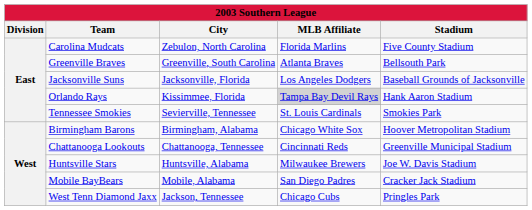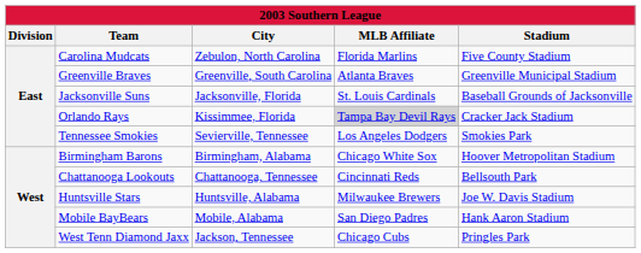 <table class="wikitable" style="width:auto">
 <tr>
 <td bgcolor="#DC143C" align="center" colspan="7"><strong><span>2003 Southern League</span></strong></td>
 </tr>
 <tr>
 <th>Division</th>
 <th>Team</th>
 <th>City</th>
 <th>MLB Affiliate</th>
 <th>Stadium</th>
 </tr>
 <tr>
 <th rowspan="5">East</th>
 <td><a href='#'>Carolina Mudcats</a></td>
 <td><a href='#'>Zebulon, North Carolina</a></td>
 <td><a href='#'>Florida Marlins</a></td>
 <td><a href='#'>Five County Stadium</a></td>
 </tr>
 <tr>
 <td><a href='#'>Greenville Braves</a></td>
 <td><a href='#'>Greenville, South Carolina</a></td>
 <td><a href='#'>Atlanta Braves</a></td>
-<td><a href='#'>Bellsouth Park</a></td>
+<td><a href='#'>Greenville Municipal Stadium</a></td>
 </tr>
 <tr>
 <td><a href='#'>Jacksonville Suns</a></td>
 <td><a href='#'>Jacksonville, Florida</a></td>
-<td><a href='#'>Los Angeles Dodgers</a></td>
+<td><a href='#'>St. Louis Cardinals</a></td>
 <td><a href='#'>Baseball Grounds of Jacksonville</a></td>
 </tr>
 <tr>
 <td><a href='#'>Orlando Rays</a></td>
 <td><a href='#'>Kissimmee, Florida</a></td>
 <td style="background: lightgrey;"><a href='#'>Tampa Bay Devil Rays</a></td>
-<td><a href='#'>Hank Aaron Stadium</a></td>
+<td><a href='#'>Cracker Jack Stadium</a></td>
 </tr>
 <tr>
 <td><a href='#'>Tennessee Smokies</a></td>
 <td><a href='#'>Sevierville, Tennessee</a></td>
-<td><a href='#'>St. Louis Cardinals</a></td>
+<td><a href='#'>Los Angeles Dodgers</a></td>
 <td><a href='#'>Smokies Park</a></td>
 </tr>
 <tr>
 <th rowspan="5">West</th>
 <td><a href='#'>Birmingham Barons</a></td>
 <td><a href='#'>Birmingham, Alabama</a></td>
 <td><a href='#'>Chicago White Sox</a></td>
 <td><a href='#'>Hoover Metropolitan Stadium</a></td>
 </tr>
 <tr>
 <td><a href='#'>Chattanooga Lookouts</a></td>
 <td><a href='#'>Chattanooga, Tennessee</a></td>
 <td><a href='#'>Cincinnati Reds</a></td>
-<td><a href='#'>Greenville Municipal Stadium</a></td>
+<td><a href='#'>Bellsouth Park</a></td>
 </tr>
 <tr>
 <td><a href='#'>Huntsville Stars</a></td>
 <td><a href='#'>Huntsville, Alabama</a></td>
 <td><a href='#'>Milwaukee Brewers</a></td>
 <td><a href='#'>Joe W. Davis Stadium</a></td>
 </tr>
 <tr>
 <td><a href='#'>Mobile BayBears</a></td>
 <td><a href='#'>Mobile, Alabama</a></td>
 <td><a href='#'>San Diego Padres</a></td>
-<td><a href='#'>Cracker Jack Stadium</a></td>
+<td><a href='#'>Hank Aaron Stadium</a></td>
 </tr>
 <tr>
 <td><a href='#'>West Tenn Diamond Jaxx</a></td>
 <td><a href='#'>Jackson, Tennessee</a></td>
 <td><a href='#'>Chicago Cubs</a></td>
 <td><a href='#'>Pringles Park</a></td>
 </tr>
 </table>
